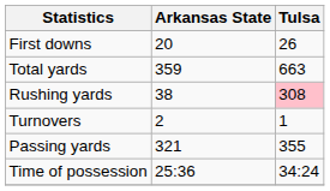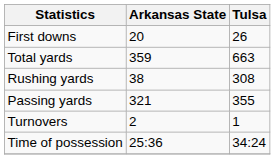 <table class="wikitable">
 <tr>
 <th>Statistics</th>
 <th>Arkansas State</th>
 <th>Tulsa</th>
 </tr>
 <tr>
 <td>First downs</td>
 <td>20</td>
 <td>26</td>
 </tr>
 <tr>
 <td>Total yards</td>
 <td>359</td>
 <td>663</td>
 </tr>
 <tr>
 <td>Rushing yards</td>
 <td>38</td>
-<td style="background: pink;">308</td>
+<td>308</td>
+</tr>
+<tr>
+<td>Passing yards</td>
+<td>321</td>
+<td>355</td>
 </tr>
 <tr>
 <td>Turnovers</td>
 <td>2</td>
 <td>1</td>
-</tr>
-<tr>
-<td>Passing yards</td>
-<td>321</td>
-<td>355</td>
 </tr>
 <tr>
 <td>Time of possession</td>
 <td>25:36</td>
 <td>34:24</td>
 </tr>
 <tr>
 </tr>
 </table>
